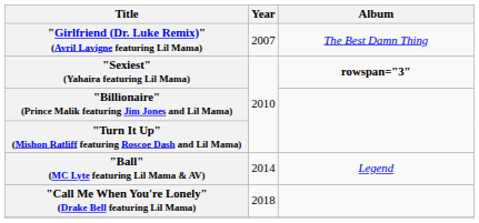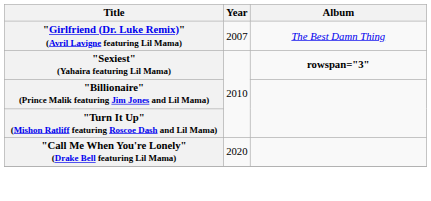 <table class="wikitable plainrowheaders" style="text-align:center;">
 <tr>
 <th scope="col" style="width:20em;">Title</th>
 <th scope="col">Year</th>
 <th scope="col" style="width:16em;">Album</th>
 </tr>
 <tr>
 <th scope="row">"<a href='#'>Girlfriend (Dr. Luke Remix)</a>" <br><small>(<a href='#'>Avril Lavigne</a> featuring Lil Mama)</small></th>
 <td>2007</td>
 <td><em><a href='#'>The Best Damn Thing</a></em></td>
 </tr>
 <tr>
 <th scope="row">"Sexiest" <br><small>(Yahaira featuring Lil Mama)</small></th>
 <td rowspan="3">2010</td>
 <td><strong>rowspan="3" </strong></td>
 </tr>
 <tr>
 <th scope="row">"Billionaire" <br><small>(Prince Malik featuring <a href='#'>Jim Jones</a> and Lil Mama)</small></th>
 </tr>
 <tr>
 <th scope="row">"Turn It Up" <br><small>(<a href='#'>Mishon Ratliff</a> featuring <a href='#'>Roscoe Dash</a> and Lil Mama)</small></th>
 </tr>
 <tr>
-<th scope="row">"Ball" <br><small>(<a href='#'>MC Lyte</a> featuring Lil Mama & AV)</small></th>
-<td>2014</td>
-<td><em><a href='#'>Legend</a></em></td>
-</tr>
-<tr>
 <th scope="row">"Call Me When You're Lonely" <br><small>(<a href='#'>Drake Bell</a> featuring Lil Mama)</small></th>
-<td>2018</td>
+<td>2020</td>
 <td></td>
 </tr>
 <tr>
 </tr>
 </table>
